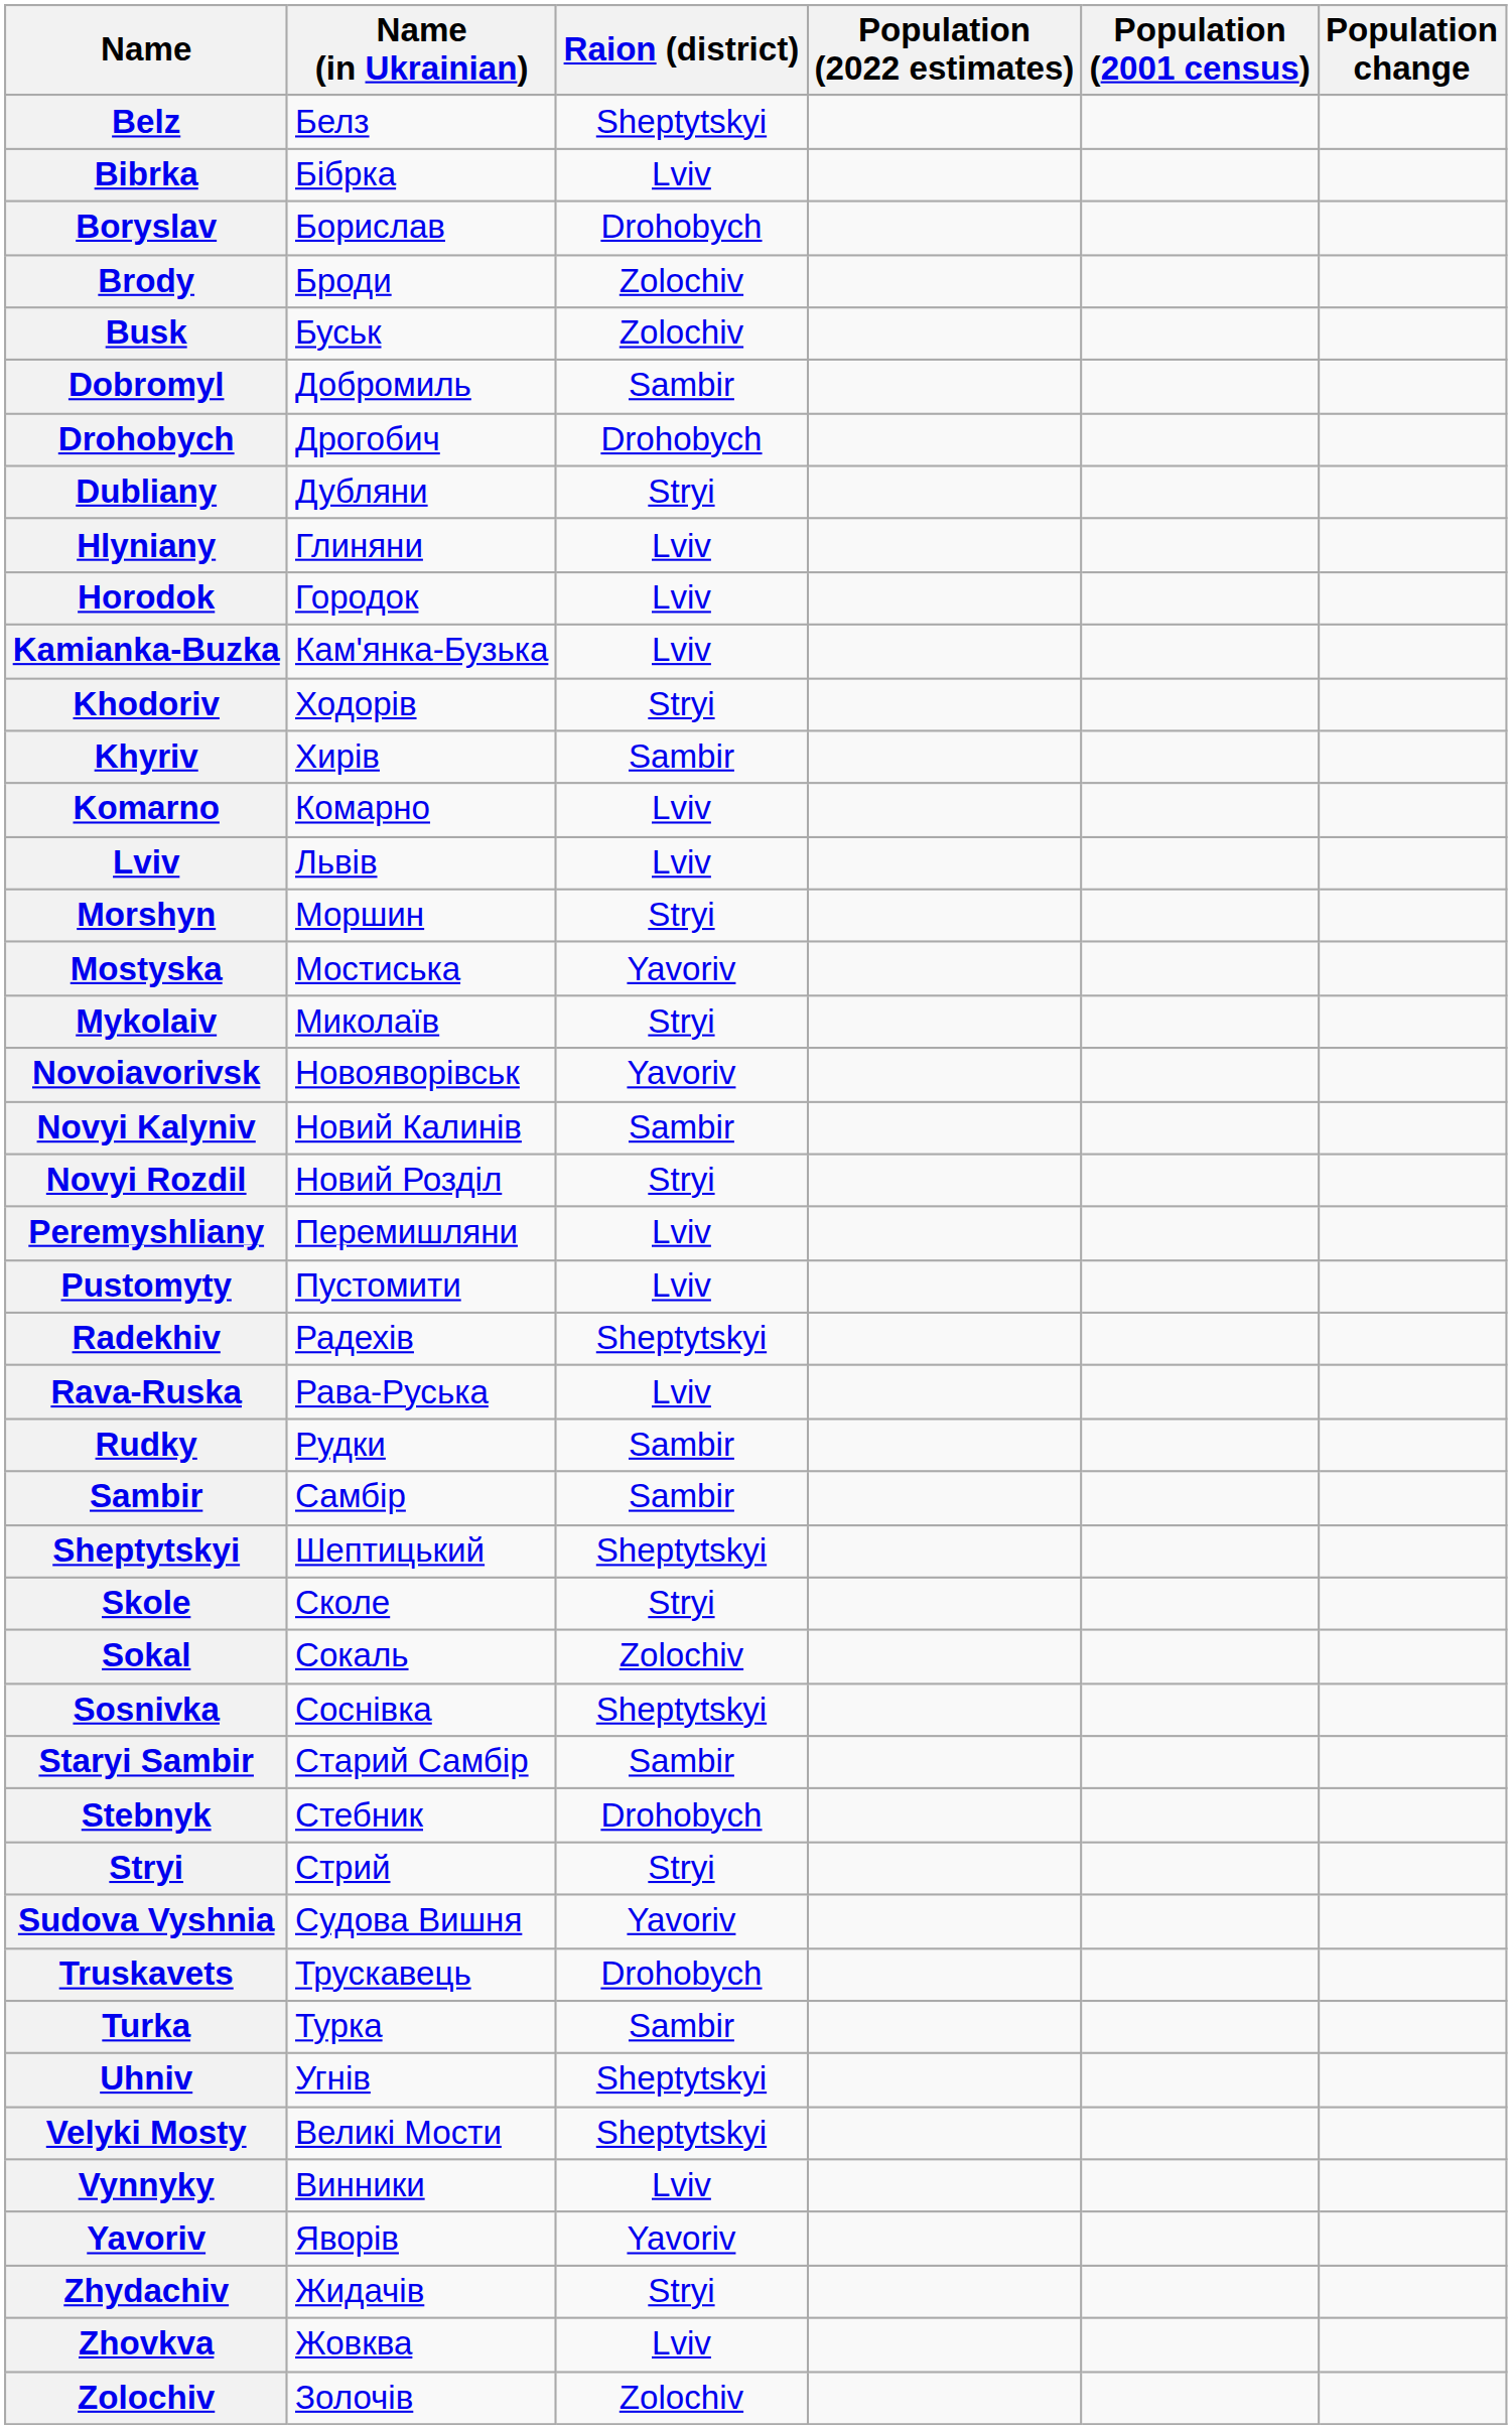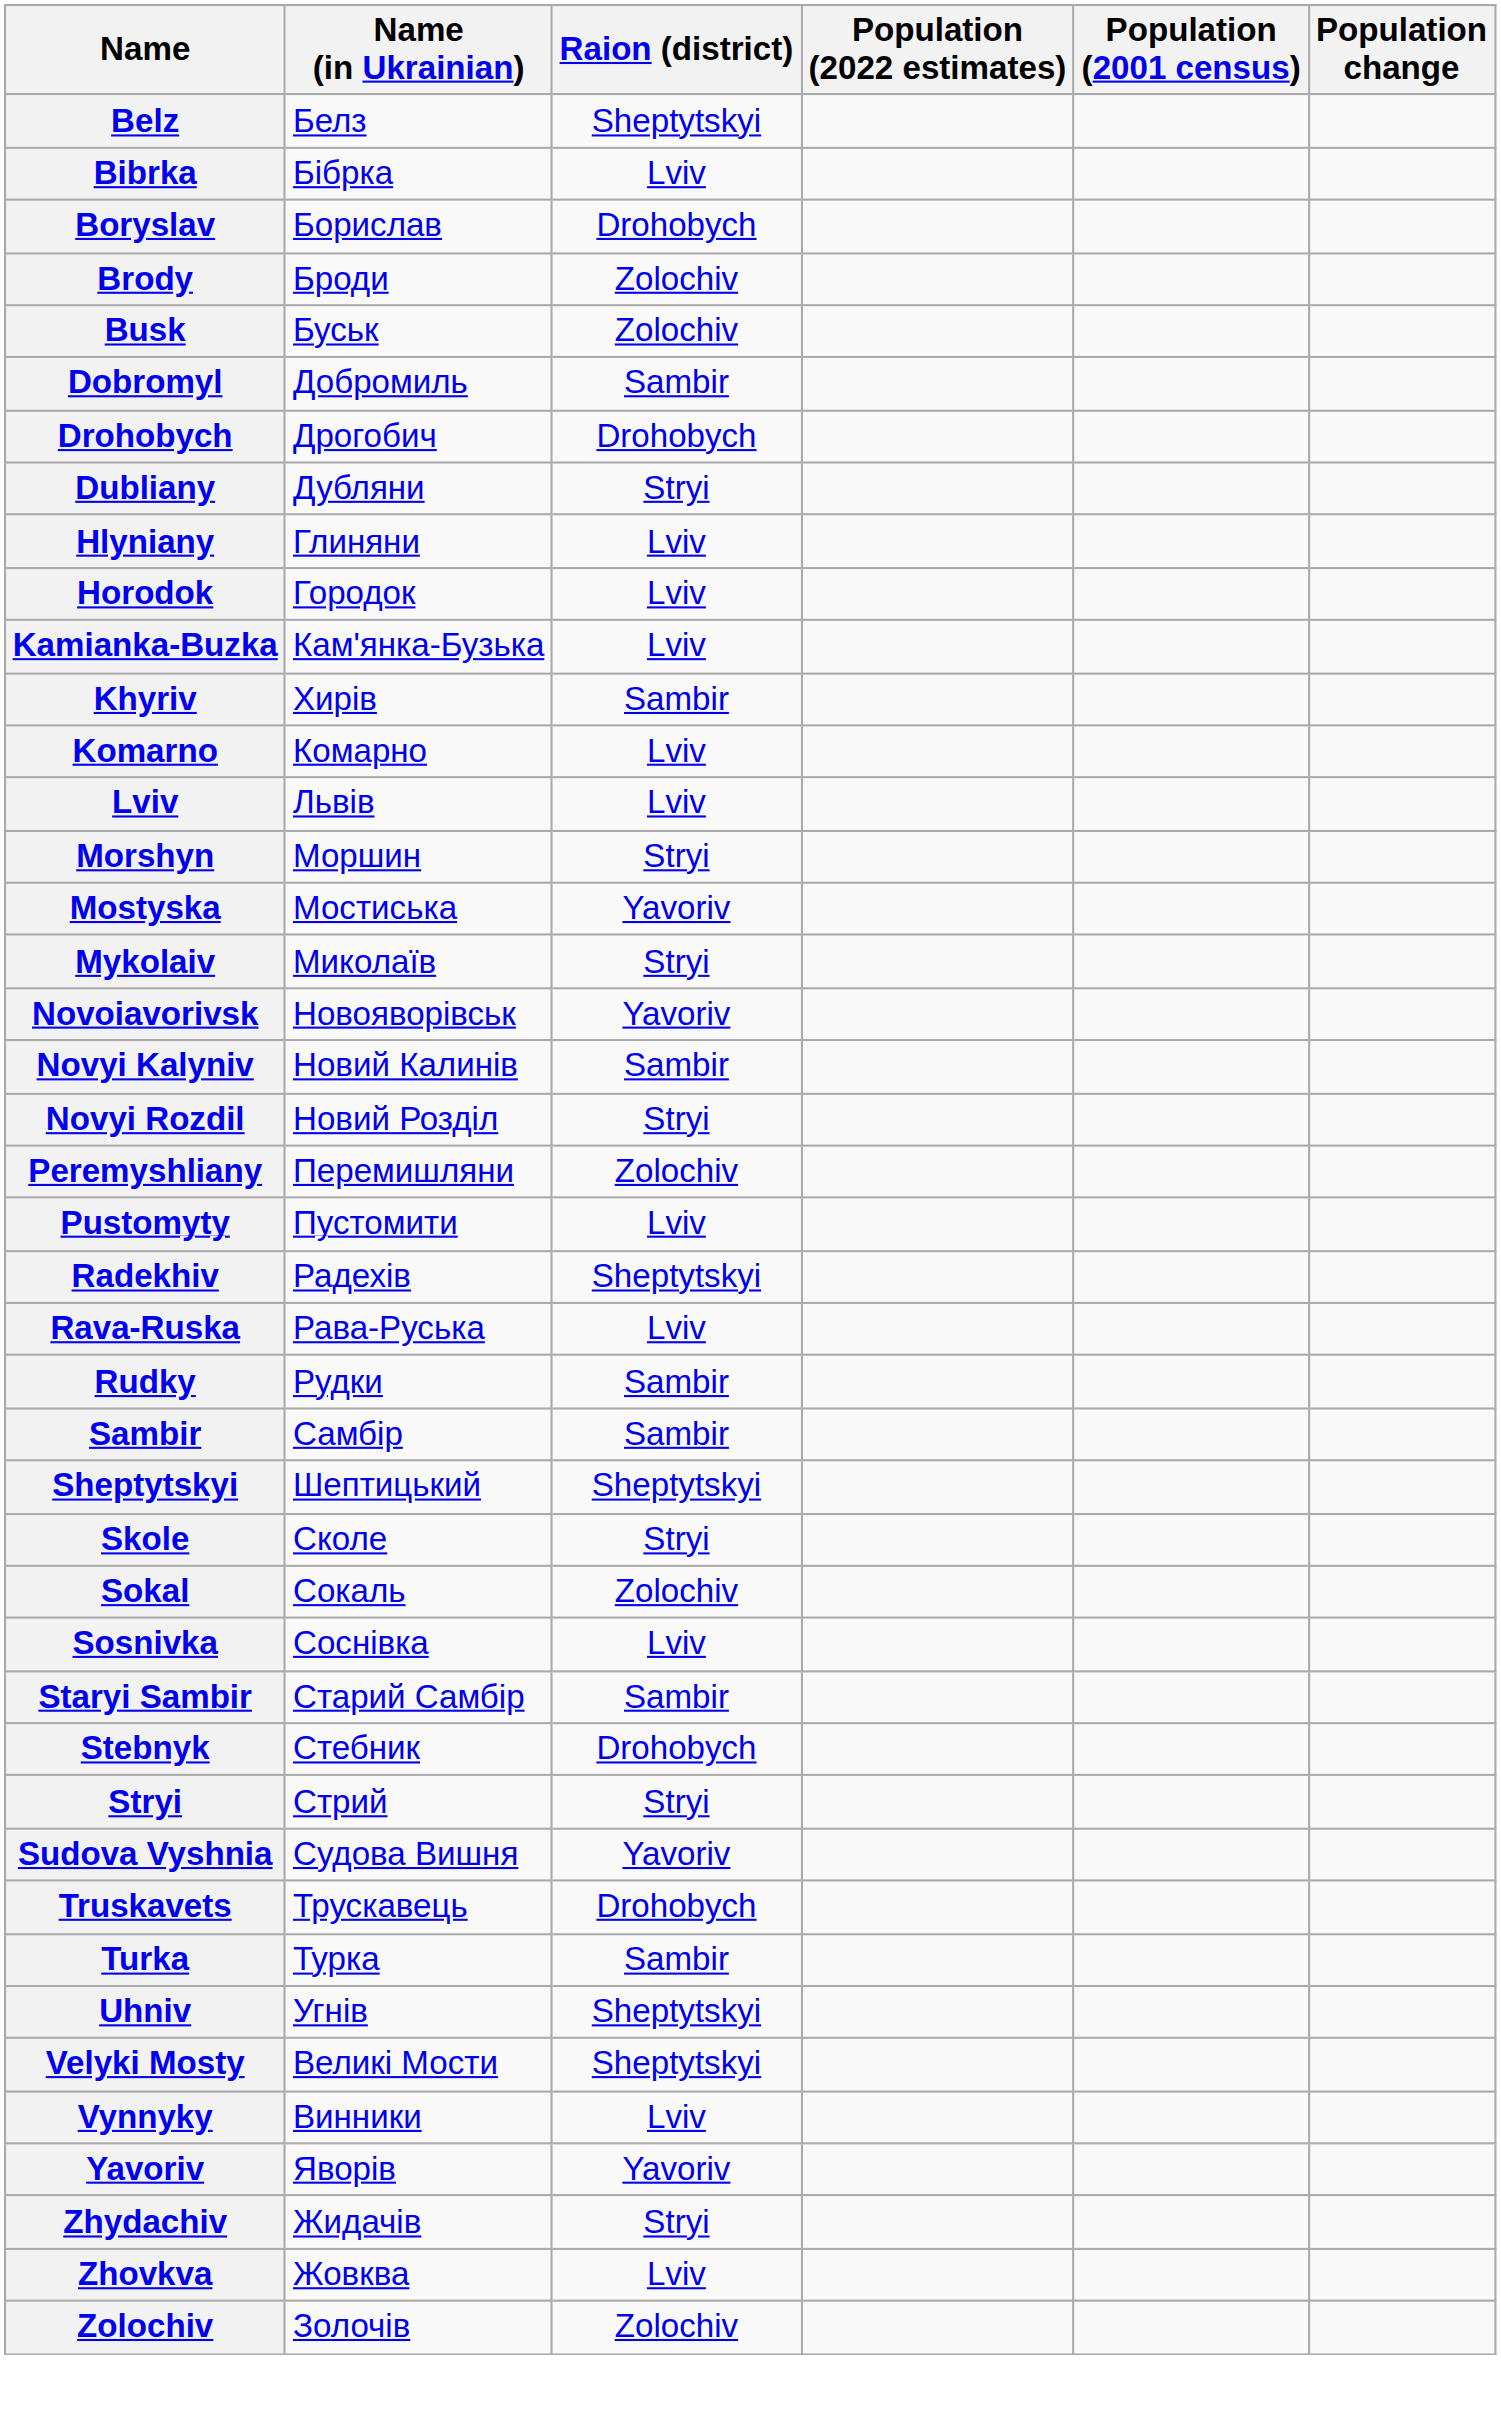 <table class="wikitable sortable sticky-header" id="Table of cities" caption="Tabulated list of cities in ">
 <tr>
 <th scope="col">Name</th>
 <th scope="col">Name<br>(in <a href='#'>Ukrainian</a>)</th>
 <th scope="col"><a href='#'>Raion</a> (district)</th>
 <th scope="col">Population<br>(2022 estimates)</th>
 <th scope="col">Population<br>(<a href='#'>2001 census</a>)</th>
 <th scope="col">Population<br>change</th>
 </tr>
 <tr>
 <th scope="row" align="left"><a href='#'>Belz</a></th>
 <td><a href='#'>Белз</a></td>
 <td align=center><a href='#'>Sheptytskyi</a></td>
 <td align=right></td>
 <td align=right></td>
 <td align=right></td>
 </tr>
 <tr>
 <th scope="row" align="left"><a href='#'>Bibrka</a></th>
 <td><a href='#'>Бібрка</a></td>
 <td align=center><a href='#'>Lviv</a></td>
 <td align=right></td>
 <td align=right></td>
 <td align=right></td>
 </tr>
 <tr>
 <th scope="row" align="left"><a href='#'>Boryslav</a></th>
 <td><a href='#'>Борислав</a></td>
 <td align=center><a href='#'>Drohobych</a></td>
 <td align=right></td>
 <td align=right></td>
 <td align=right></td>
 </tr>
 <tr>
 <th scope="row" align="left"><a href='#'>Brody</a></th>
 <td><a href='#'>Броди</a></td>
 <td align=center><a href='#'>Zolochiv</a></td>
 <td align=right></td>
 <td align=right></td>
 <td align=right></td>
 </tr>
 <tr>
 <th scope="row" align="left"><a href='#'>Busk</a></th>
 <td><a href='#'>Буськ</a></td>
 <td align=center><a href='#'>Zolochiv</a></td>
 <td align=right></td>
 <td align=right></td>
 <td align=right></td>
 </tr>
 <tr>
 <th scope="row" align="left"><a href='#'>Dobromyl</a></th>
 <td><a href='#'>Добромиль</a></td>
 <td align=center><a href='#'>Sambir</a></td>
 <td align=right></td>
 <td align=right></td>
 <td align=right></td>
 </tr>
 <tr>
 <th scope="row" align="left"><a href='#'>Drohobych</a></th>
 <td><a href='#'>Дрогобич</a></td>
 <td align=center><a href='#'>Drohobych</a></td>
 <td align=right></td>
 <td align=right></td>
 <td align=right></td>
 </tr>
 <tr>
 <th scope="row" align="left"><a href='#'>Dubliany</a></th>
 <td><a href='#'>Дубляни</a></td>
 <td align=center><a href='#'>Stryi</a></td>
 <td align=right></td>
 <td align=right></td>
 <td align=right></td>
 </tr>
 <tr>
 <th scope="row" align="left"><a href='#'>Hlyniany</a></th>
 <td><a href='#'>Глиняни</a></td>
 <td align=center><a href='#'>Lviv</a></td>
 <td align=right></td>
 <td align=right></td>
 <td align=right></td>
 </tr>
 <tr>
 <th scope="row" align="left"><a href='#'>Horodok</a></th>
 <td><a href='#'>Городок</a></td>
 <td align=center><a href='#'>Lviv</a></td>
 <td align=right></td>
 <td align=right></td>
 <td align=right></td>
 </tr>
 <tr>
 <th scope="row" align="left"><a href='#'>Kamianka-Buzka</a></th>
 <td><a href='#'>Кам'янка-Бузька</a></td>
 <td align=center><a href='#'>Lviv</a></td>
 <td align=right></td>
 <td align=right></td>
 <td align=right></td>
 </tr>
 <tr>
-<th scope="row" align="left"><a href='#'>Khodoriv</a></th>
-<td><a href='#'>Ходорів</a></td>
-<td align=center><a href='#'>Stryi</a></td>
-<td align=right></td>
-<td align=right></td>
-<td align=right></td>
-</tr>
-<tr>
 <th scope="row" align="left"><a href='#'>Khyriv</a></th>
 <td><a href='#'>Хирів</a></td>
 <td align=center><a href='#'>Sambir</a></td>
 <td align=right></td>
 <td align=right></td>
 <td align=right></td>
 </tr>
 <tr>
 <th scope="row" align="left"><a href='#'>Komarno</a></th>
 <td><a href='#'>Комарно</a></td>
 <td align=center><a href='#'>Lviv</a></td>
 <td align=right></td>
 <td align=right></td>
 <td align=right></td>
 </tr>
 <tr>
 <th scope="row" align="left"><a href='#'>Lviv</a></th>
 <td><a href='#'>Львів</a></td>
 <td align=center><a href='#'>Lviv</a></td>
 <td align=right></td>
 <td align=right></td>
 <td align=right></td>
 </tr>
 <tr>
 <th scope="row" align="left"><a href='#'>Morshyn</a></th>
 <td><a href='#'>Моршин</a></td>
 <td align=center><a href='#'>Stryi</a></td>
 <td align=right></td>
 <td align=right></td>
 <td align=right></td>
 </tr>
 <tr>
 <th scope="row" align="left"><a href='#'>Mostyska</a></th>
 <td><a href='#'>Мостиська</a></td>
 <td align=center><a href='#'>Yavoriv</a></td>
 <td align=right></td>
 <td align=right></td>
 <td align=right></td>
 </tr>
 <tr>
 <th scope="row" align="left"><a href='#'>Mykolaiv</a></th>
 <td><a href='#'>Миколаїв</a></td>
 <td align=center><a href='#'>Stryi</a></td>
 <td align=right></td>
 <td align=right></td>
 <td align=right></td>
 </tr>
 <tr>
 <th scope="row" align="left"><a href='#'>Novoiavorivsk</a></th>
 <td><a href='#'>Новояворівськ</a></td>
 <td align=center><a href='#'>Yavoriv</a></td>
 <td align=right></td>
 <td align=right></td>
 <td align=right></td>
 </tr>
 <tr>
 <th scope="row" align="left"><a href='#'>Novyi Kalyniv</a></th>
 <td><a href='#'>Новий Калинів</a></td>
 <td align=center><a href='#'>Sambir</a></td>
 <td align=right></td>
 <td align=right></td>
 <td align=right></td>
 </tr>
 <tr>
 <th scope="row" align="left"><a href='#'>Novyi Rozdil</a></th>
 <td><a href='#'>Новий Розділ</a></td>
 <td align=center><a href='#'>Stryi</a></td>
 <td align=right></td>
 <td align=right></td>
 <td align=right></td>
 </tr>
 <tr>
 <th scope="row" align="left"><a href='#'>Peremyshliany</a></th>
 <td><a href='#'>Перемишляни</a></td>
-<td align=center><a href='#'>Lviv</a></td>
+<td align=center><a href='#'>Zolochiv</a></td>
 <td align=right></td>
 <td align=right></td>
 <td align=right></td>
 </tr>
 <tr>
 <th scope="row" align="left"><a href='#'>Pustomyty</a></th>
 <td><a href='#'>Пустомити</a></td>
 <td align=center><a href='#'>Lviv</a></td>
 <td align=right></td>
 <td align=right></td>
 <td align=right></td>
 </tr>
 <tr>
 <th scope="row" align="left"><a href='#'>Radekhiv</a></th>
 <td><a href='#'>Радехів</a></td>
 <td align=center><a href='#'>Sheptytskyi</a></td>
 <td align=right></td>
 <td align=right></td>
 <td align=right></td>
 </tr>
 <tr>
 <th scope="row" align="left"><a href='#'>Rava-Ruska</a></th>
 <td><a href='#'>Рава-Руська</a></td>
 <td align=center><a href='#'>Lviv</a></td>
 <td align=right></td>
 <td align=right></td>
 <td align=right></td>
 </tr>
 <tr>
 <th scope="row" align="left"><a href='#'>Rudky</a></th>
 <td><a href='#'>Рудки</a></td>
 <td align=center><a href='#'>Sambir</a></td>
 <td align=right></td>
 <td align=right></td>
 <td align=right></td>
 </tr>
 <tr>
 <th scope="row" align="left"><a href='#'>Sambir</a></th>
 <td><a href='#'>Самбір</a></td>
 <td align=center><a href='#'>Sambir</a></td>
 <td align=right></td>
 <td align=right></td>
 <td align=right></td>
 </tr>
 <tr>
 <th scope="row" align="left"><a href='#'>Sheptytskyi</a></th>
 <td><a href='#'>Шептицький</a></td>
 <td align=center><a href='#'>Sheptytskyi</a></td>
 <td align=right></td>
 <td align=right></td>
 <td align=right></td>
 </tr>
 <tr>
 <th scope="row" align="left"><a href='#'>Skole</a></th>
 <td><a href='#'>Сколе</a></td>
 <td align=center><a href='#'>Stryi</a></td>
 <td align=right></td>
 <td align=right></td>
 <td align=right></td>
 </tr>
 <tr>
 <th scope="row" align="left"><a href='#'>Sokal</a></th>
 <td><a href='#'>Сокаль</a></td>
 <td align=center><a href='#'>Zolochiv</a></td>
 <td align=right></td>
 <td align=right></td>
 <td align=right></td>
 </tr>
 <tr>
 <th scope="row" align="left"><a href='#'>Sosnivka</a></th>
 <td><a href='#'>Соснівка</a></td>
-<td align=center><a href='#'>Sheptytskyi</a></td>
+<td align=center><a href='#'>Lviv</a></td>
 <td align=right></td>
 <td align=right></td>
 <td align=right></td>
 </tr>
 <tr>
 <th scope="row" align="left"><a href='#'>Staryi Sambir</a></th>
 <td><a href='#'>Старий Самбір</a></td>
 <td align=center><a href='#'>Sambir</a></td>
 <td align=right></td>
 <td align=right></td>
 <td align=right></td>
 </tr>
 <tr>
 <th scope="row" align="left"><a href='#'>Stebnyk</a></th>
 <td><a href='#'>Стебник</a></td>
 <td align=center><a href='#'>Drohobych</a></td>
 <td align=right></td>
 <td align=right></td>
 <td align=right></td>
 </tr>
 <tr>
 <th scope="row" align="left"><a href='#'>Stryi</a></th>
 <td><a href='#'>Стрий</a></td>
 <td align=center><a href='#'>Stryi</a></td>
 <td align=right></td>
 <td align=right></td>
 <td align=right></td>
 </tr>
 <tr>
 <th scope="row" align="left"><a href='#'>Sudova Vyshnia</a></th>
 <td><a href='#'>Судова Вишня</a></td>
 <td align=center><a href='#'>Yavoriv</a></td>
 <td align=right></td>
 <td align=right></td>
 <td align=right></td>
 </tr>
 <tr>
 <th scope="row" align="left"><a href='#'>Truskavets</a></th>
 <td><a href='#'>Трускавець</a></td>
 <td align=center><a href='#'>Drohobych</a></td>
 <td align=right></td>
 <td align=right></td>
 <td align=right></td>
 </tr>
 <tr>
 <th scope="row" align="left"><a href='#'>Turka</a></th>
 <td><a href='#'>Турка</a></td>
 <td align=center><a href='#'>Sambir</a></td>
 <td align=right></td>
 <td align=right></td>
 <td align=right></td>
 </tr>
 <tr>
 <th scope="row" align="left"><a href='#'>Uhniv</a></th>
 <td><a href='#'>Угнів</a></td>
 <td align=center><a href='#'>Sheptytskyi</a></td>
 <td align=right></td>
 <td align=right></td>
 <td align=right></td>
 </tr>
 <tr>
 <th scope="row" align="left"><a href='#'>Velyki Mosty</a></th>
 <td><a href='#'>Великі Мости</a></td>
 <td align=center><a href='#'>Sheptytskyi</a></td>
 <td align=right></td>
 <td align=right></td>
 <td align=right></td>
 </tr>
 <tr>
 <th scope="row" align="left"><a href='#'>Vynnyky</a></th>
 <td><a href='#'>Винники</a></td>
 <td align=center><a href='#'>Lviv</a></td>
 <td align=right></td>
 <td align=right></td>
 <td align=right></td>
 </tr>
 <tr>
 <th scope="row" align="left"><a href='#'>Yavoriv</a></th>
 <td><a href='#'>Яворів</a></td>
 <td align=center><a href='#'>Yavoriv</a></td>
 <td align=right></td>
 <td align=right></td>
 <td align=right></td>
 </tr>
 <tr>
 <th scope="row" align="left"><a href='#'>Zhydachiv</a></th>
 <td><a href='#'>Жидачів</a></td>
 <td align=center><a href='#'>Stryi</a></td>
 <td align=right></td>
 <td align=right></td>
 <td align=right></td>
 </tr>
 <tr>
 <th scope="row" align="left"><a href='#'>Zhovkva</a></th>
 <td><a href='#'>Жовква</a></td>
 <td align=center><a href='#'>Lviv</a></td>
 <td align=right></td>
 <td align=right></td>
 <td align=right></td>
 </tr>
 <tr>
 <th scope="row" align="left"><a href='#'>Zolochiv</a></th>
 <td><a href='#'>Золочів</a></td>
 <td align=center><a href='#'>Zolochiv</a></td>
 <td align=right></td>
 <td align=right></td>
 <td align=right></td>
 </tr>
 </table>
